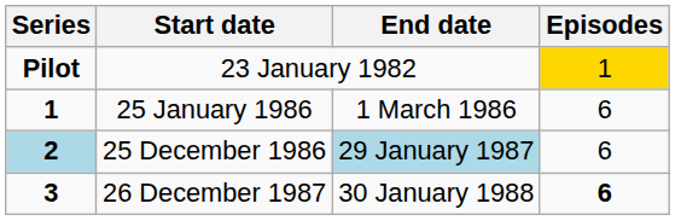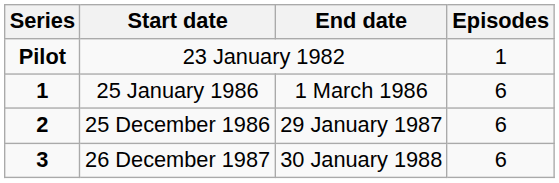 <table class="wikitable" style="text-align:center;">
 <tr>
 <th>Series</th>
 <th>Start date</th>
 <th>End date</th>
 <th>Episodes</th>
 </tr>
 <tr>
 <td><strong>Pilot</strong></td>
 <td colspan="2">23 January 1982</td>
-<td style="background: gold;">1</td>
+<td>1</td>
 </tr>
 <tr>
 <td><strong>1</strong></td>
 <td>25 January 1986</td>
 <td>1 March 1986</td>
 <td>6</td>
 </tr>
 <tr>
-<td style="background: lightblue;"><strong>2</strong></td>
+<td><strong>2</strong></td>
 <td>25 December 1986</td>
-<td style="background: lightblue;">29 January 1987</td>
+<td>29 January 1987</td>
 <td>6</td>
 </tr>
 <tr>
 <td><strong>3</strong></td>
 <td>26 December 1987</td>
 <td>30 January 1988</td>
-<td><strong>6</strong></td>
+<td>6</td>
 </tr>
 </table>
